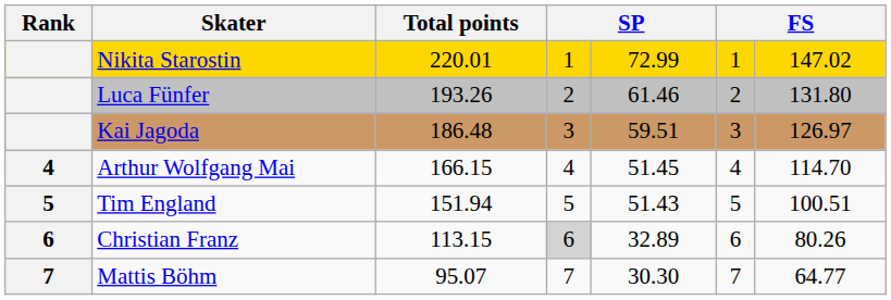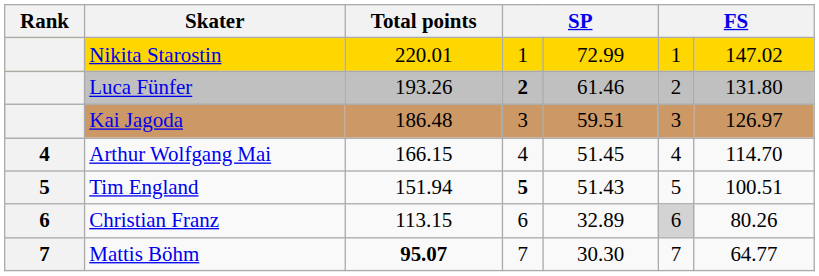 <table class="wikitable sortable" style="text-align:center;" width="70%">
 <tr>
 <th scope="col">Rank</th>
 <th scope="col">Skater</th>
 <th scope="col">Total points</th>
 <th scope="col" colspan="2" width="80px"><a href='#'>SP</a></th>
 <th scope="col" colspan="2" width="80px"><a href='#'>FS</a></th>
 </tr>
 <tr bgcolor="gold">
 <th scope="row"></th>
 <td align="left"><a href='#'>Nikita Starostin</a></td>
 <td>220.01</td>
 <td>1</td>
 <td>72.99</td>
 <td>1</td>
 <td>147.02</td>
 </tr>
 <tr bgcolor="silver">
 <th scope="row"></th>
 <td align="left"><a href='#'>Luca Fünfer</a></td>
 <td>193.26</td>
-<td>2</td>
+<td><strong>2</strong></td>
 <td>61.46</td>
 <td>2</td>
 <td>131.80</td>
 </tr>
 <tr bgcolor="cc9966">
 <th scope="row"></th>
 <td align="left"><a href='#'>Kai Jagoda</a></td>
 <td>186.48</td>
 <td>3</td>
 <td>59.51</td>
 <td>3</td>
 <td>126.97</td>
 </tr>
 <tr>
 <th scope="row">4</th>
 <td align="left"><a href='#'>Arthur Wolfgang Mai</a></td>
 <td>166.15</td>
 <td>4</td>
 <td>51.45</td>
 <td>4</td>
 <td>114.70</td>
 </tr>
 <tr>
 <th scope="row">5</th>
 <td align="left"><a href='#'>Tim England</a></td>
 <td>151.94</td>
-<td>5</td>
+<td><strong>5</strong></td>
 <td>51.43</td>
 <td>5</td>
 <td>100.51</td>
 </tr>
 <tr>
 <th scope="row">6</th>
 <td align="left"><a href='#'>Christian Franz</a></td>
 <td>113.15</td>
+<td>6</td>
+<td>32.89</td>
 <td style="background: lightgrey;">6</td>
-<td>32.89</td>
-<td>6</td>
 <td>80.26</td>
 </tr>
 <tr>
 <th scope="row">7</th>
 <td align="left"><a href='#'>Mattis Böhm</a></td>
-<td>95.07</td>
+<td><strong>95.07</strong></td>
 <td>7</td>
 <td>30.30</td>
 <td>7</td>
 <td>64.77</td>
 </tr>
 </table>
